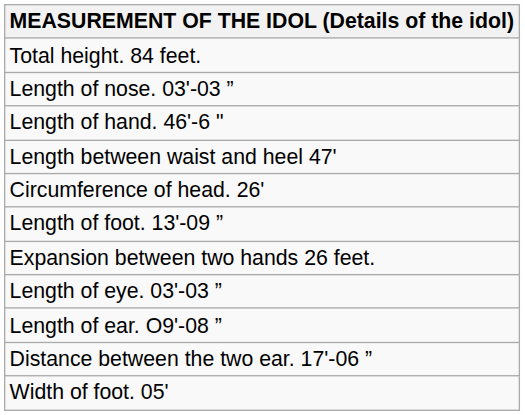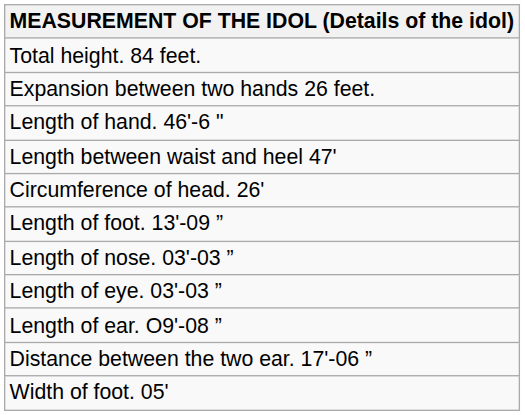 <table class="wikitable" border="1">
 <tr>
 <th>MEASUREMENT OF THE IDOL (Details of the idol)</th>
 </tr>
 <tr>
 <td>Total height. 	                84 feet.</td>
 </tr>
 <tr>
-<td>Length of nose. 	                03'-03 ”</td>
+<td>Expansion between two hands 	        26 feet.</td>
 </tr>
 <tr>
 <td>Length of hand. 	                46'-6 "</td>
 </tr>
 <tr>
 <td>Length between waist and heel 	47'</td>
 </tr>
 <tr>
 <td>Circumference of head. 	        26'</td>
 </tr>
 <tr>
 <td>Length of foot. 	                13'-09 ”</td>
 </tr>
 <tr>
-<td>Expansion between two hands 	        26 feet.</td>
+<td>Length of nose. 	                03'-03 ”</td>
 </tr>
 <tr>
 <td>Length of eye. 	                03'-03 ”</td>
 </tr>
 <tr>
 <td>Length of ear. 	                O9'-08 ”</td>
 </tr>
 <tr>
 <td>Distance between the two ear. 	17'-06 ”</td>
 </tr>
 <tr>
 <td>Width of foot. 	                05'</td>
 </tr>
 </table>
